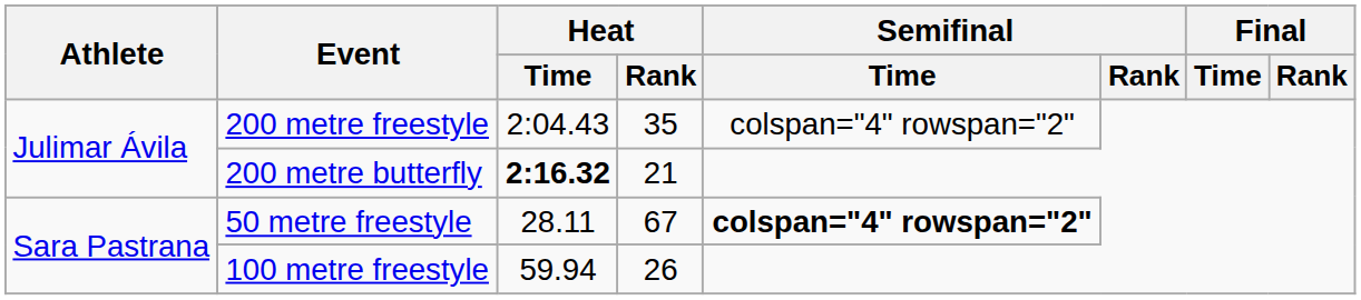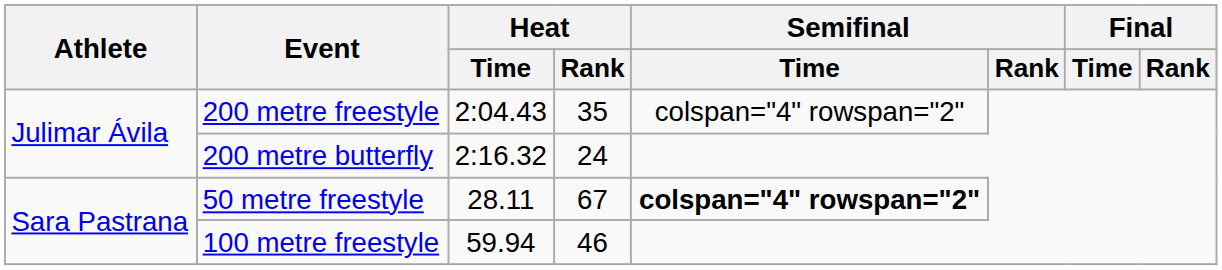 <table class="wikitable" style="text-align:center; font-size:90%; width:50%;">
 <tr>
 <th rowspan="2">Athlete</th>
 <th rowspan="2">Event</th>
 <th colspan="2">Heat</th>
 <th colspan="2">Semifinal</th>
 <th colspan="2">Final</th>
 </tr>
 <tr style="font-size:95%">
 <th>Time</th>
 <th>Rank</th>
 <th>Time</th>
 <th>Rank</th>
 <th>Time</th>
 <th>Rank</th>
 </tr>
 <tr align=center>
 <td align=left rowspan="2"><a href='#'>Julimar Ávila</a></td>
 <td align=left><a href='#'>200 metre freestyle</a></td>
 <td>2:04.43</td>
 <td>35</td>
 <td>colspan="4" rowspan="2" </td>
 </tr>
 <tr align=center>
 <td align=left><a href='#'>200 metre butterfly</a></td>
-<td><strong>2:16.32</strong></td>
-<td>21</td>
+<td>2:16.32</td>
+<td>24</td>
 </tr>
 <tr align=center>
 <td align=left rowspan="2"><a href='#'>Sara Pastrana</a></td>
 <td align=left><a href='#'>50 metre freestyle</a></td>
 <td>28.11</td>
 <td>67</td>
 <td><strong>colspan="4" rowspan="2" </strong></td>
 </tr>
 <tr align=center>
 <td align=left><a href='#'>100 metre freestyle</a></td>
 <td>59.94</td>
-<td>26</td>
+<td>46</td>
 </tr>
 </table>
